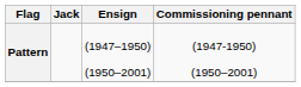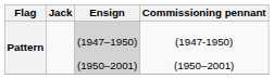 <table class="wikitable" style="text-align:center">
 <tr>
 <th>Flag</th>
 <th>Jack</th>
 <th>Ensign</th>
 <th>Commissioning pennant</th>
 </tr>
 <tr>
 <th>Pattern</th>
 <td></td>
-<td><br>(1947–1950)<br><br>(1950–2001)</td>
+<td style="background: lightgrey;"><br>(1947–1950)<br><br>(1950–2001)</td>
 <td><br>(1947-1950)<br><br>(1950–2001)</td>
 </tr>
 <tr>
 </tr>
 </table>
